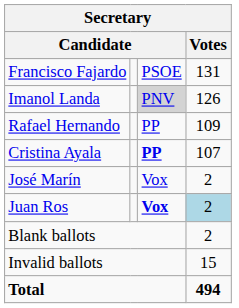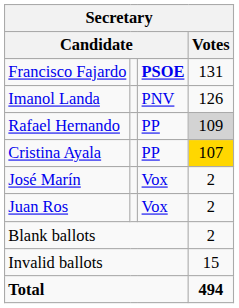 <table class="wikitable" style="font-size:95%; text-align:center;">
 <tr>
 <th colspan="4">Secretary</th>
 </tr>
 <tr>
 <th colspan="3">Candidate</th>
 <th>Votes</th>
 </tr>
 <tr>
 <td align="left"> <a href='#'>Francisco Fajardo</a></td>
 <td style="background:"></td>
-<td align="left"><a href='#'>PSOE</a></td>
+<td align="left"><strong><a href='#'>PSOE</a></strong></td>
 <td>131</td>
 </tr>
 <tr>
 <td align="left"> <a href='#'>Imanol Landa</a></td>
 <td style="background:"></td>
-<td align="left" style="background: lightgrey;"><a href='#'>PNV</a></td>
+<td align="left"><a href='#'>PNV</a></td>
 <td>126</td>
 </tr>
 <tr>
 <td align="left"> <a href='#'>Rafael Hernando</a></td>
 <td style="background:"></td>
 <td align="left"><a href='#'>PP</a></td>
-<td>109</td>
+<td style="background: lightgrey;">109</td>
 </tr>
 <tr>
 <td align="left"> <a href='#'>Cristina Ayala</a></td>
 <td style="background:"></td>
-<td align="left"><strong><a href='#'>PP</a></strong></td>
-<td>107</td>
+<td align="left"><a href='#'>PP</a></td>
+<td style="background: gold;">107</td>
 </tr>
 <tr>
 <td align="left"> <a href='#'>José Marín</a></td>
 <td style="background:"></td>
 <td align="left"><a href='#'>Vox</a></td>
 <td>2</td>
 </tr>
 <tr>
 <td align="left"> <a href='#'>Juan Ros</a></td>
 <td style="background:"></td>
-<td align="left"><strong><a href='#'>Vox</a></strong></td>
-<td style="background: lightblue;">2</td>
+<td align="left"><a href='#'>Vox</a></td>
+<td>2</td>
 </tr>
 <tr>
 <td align=left colspan="3">Blank ballots</td>
 <td>2</td>
 </tr>
 <tr>
 <td align=left colspan="3">Invalid ballots</td>
 <td>15</td>
 </tr>
 <tr style="font-weight:bold">
 <td align=left colspan="3">Total</td>
 <td>494</td>
 </tr>
 </table>
